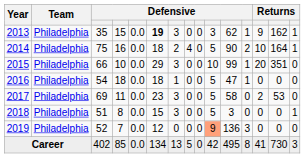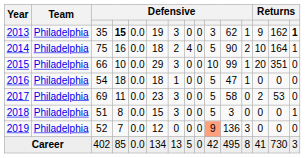 <table class="wikitable sortable" style="text-align:center">
 <tr>
 <th rowspan=2>Year</th>
 <th rowspan=2>Team</th>
 <th colspan=10>Defensive</th>
 <th colspan=3>Returns</th>
 </tr>
 <tr>
 <th></th>
 <th></th>
 <th></th>
 <th></th>
 <th></th>
 <th></th>
 <th></th>
 <th></th>
 <th></th>
 <th></th>
 <th></th>
 <th></th>
 <th></th>
 </tr>
 <tr>
 <td><a href='#'>2013</a></td>
 <td><a href='#'>Philadelphia</a></td>
 <td>35</td>
-<td>15</td>
+<td><strong>15</strong></td>
 <td>0.0</td>
-<td><strong>19</strong></td>
+<td>19</td>
 <td>3</td>
 <td>0</td>
 <td>0</td>
 <td>3</td>
 <td>62</td>
 <td>1</td>
 <td>9</td>
 <td>162</td>
-<td>1</td>
+<td><strong>1</strong></td>
 </tr>
 <tr>
 <td><a href='#'>2014</a></td>
 <td><a href='#'>Philadelphia</a></td>
 <td>75</td>
 <td>16</td>
 <td>0.0</td>
 <td>18</td>
 <td>2</td>
 <td>4</td>
 <td>0</td>
 <td>5</td>
 <td>90</td>
 <td>2</td>
 <td>10</td>
 <td>164</td>
 <td>1</td>
 </tr>
 <tr>
 <td><a href='#'>2015</a></td>
 <td><a href='#'>Philadelphia</a></td>
 <td>66</td>
 <td>10</td>
 <td>0.0</td>
 <td>29</td>
 <td>3</td>
 <td>0</td>
 <td>0</td>
 <td>10</td>
 <td>99</td>
 <td>1</td>
 <td>20</td>
 <td>351</td>
 <td>0</td>
 </tr>
 <tr>
 <td><a href='#'>2016</a></td>
 <td><a href='#'>Philadelphia</a></td>
 <td>54</td>
 <td>18</td>
 <td>0.0</td>
 <td>18</td>
 <td>1</td>
 <td>0</td>
 <td>0</td>
 <td>5</td>
 <td>47</td>
 <td>1</td>
 <td>0</td>
 <td>0</td>
 <td>0</td>
 </tr>
 <tr>
 <td><a href='#'>2017</a></td>
 <td><a href='#'>Philadelphia</a></td>
 <td>69</td>
 <td>11</td>
 <td>0.0</td>
 <td>23</td>
 <td>3</td>
 <td>0</td>
 <td>0</td>
 <td>5</td>
 <td>58</td>
 <td>0</td>
 <td>2</td>
 <td>53</td>
 <td>0</td>
 </tr>
 <tr>
 <td><a href='#'>2018</a></td>
 <td><a href='#'>Philadelphia</a></td>
 <td>51</td>
 <td>8</td>
 <td>0.0</td>
 <td>15</td>
 <td>3</td>
 <td>0</td>
 <td>0</td>
 <td>5</td>
 <td>3</td>
 <td>0</td>
 <td>0</td>
 <td>0</td>
 <td>1</td>
 </tr>
 <tr>
 <td><a href='#'>2019</a></td>
 <td><a href='#'>Philadelphia</a></td>
 <td>52</td>
 <td>7</td>
 <td>0.0</td>
 <td>12</td>
 <td>0</td>
 <td>0</td>
 <td>0</td>
 <td style="background: lightsalmon;">9</td>
 <td>136</td>
 <td>3</td>
 <td>0</td>
 <td>0</td>
 <td>0</td>
 </tr>
 <tr class="sortbottom" style="background:#eee;">
 <td colspan=2><strong>Career</strong></td>
 <td>402</td>
 <td>85</td>
 <td>0.0</td>
 <td>134</td>
 <td>13</td>
 <td>5</td>
 <td>0</td>
 <td>42</td>
 <td>495</td>
 <td>8</td>
 <td>41</td>
 <td>730</td>
 <td>3</td>
 </tr>
 </table>
